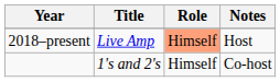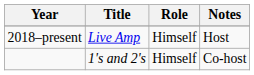 <table class="wikitable sortable">
 <tr>
 <th>Year</th>
 <th>Title</th>
 <th>Role</th>
 <th class="unsortable">Notes</th>
 </tr>
 <tr>
 </tr>
 <tr>
 <td>2018–present</td>
 <td><em><a href='#'>Live Amp</a></em></td>
-<td style="background: lightsalmon;">Himself</td>
+<td>Himself</td>
 <td>Host</td>
 </tr>
 <tr>
 <td></td>
 <td><em>1's and 2's</em></td>
 <td>Himself</td>
 <td>Co-host</td>
 </tr>
 </table>
